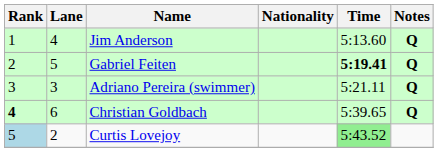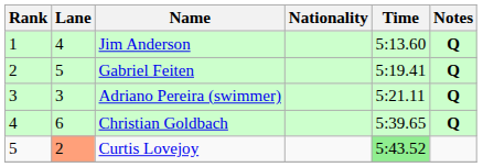 <table class="wikitable">
 <tr>
 <th>Rank</th>
 <th>Lane</th>
 <th>Name</th>
 <th>Nationality</th>
 <th>Time</th>
 <th>Notes</th>
 </tr>
 <tr style="background:#ccffcc;">
 <td>1</td>
 <td>4</td>
 <td><a href='#'>Jim Anderson</a></td>
 <td></td>
 <td>5:13.60</td>
 <td style="text-align:center;"><strong>Q</strong></td>
 </tr>
 <tr style="background:#ccffcc;">
 <td>2</td>
 <td>5</td>
 <td><a href='#'>Gabriel Feiten</a></td>
 <td></td>
-<td><strong>5:19.41</strong></td>
+<td>5:19.41</td>
 <td style="text-align:center;"><strong>Q</strong></td>
 </tr>
 <tr style="background:#ccffcc;">
 <td>3</td>
 <td>3</td>
 <td><a href='#'>Adriano Pereira (swimmer)</a></td>
 <td></td>
 <td>5:21.11</td>
 <td style="text-align:center;"><strong>Q</strong></td>
 </tr>
 <tr style="background:#ccffcc;">
-<td><strong>4</strong></td>
+<td>4</td>
 <td>6</td>
 <td><a href='#'>Christian Goldbach</a></td>
 <td></td>
 <td>5:39.65</td>
 <td style="text-align:center;"><strong>Q</strong></td>
 </tr>
 <tr>
-<td style="background: lightblue;">5</td>
-<td>2</td>
+<td>5</td>
+<td style="background: lightsalmon;">2</td>
 <td><a href='#'>Curtis Lovejoy</a></td>
 <td></td>
 <td style="background: lightgreen;">5:43.52</td>
 <td></td>
 </tr>
 <tr>
 </tr>
 </table>
